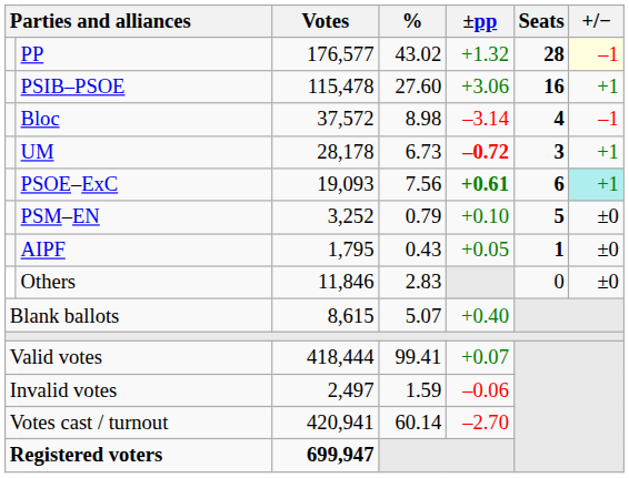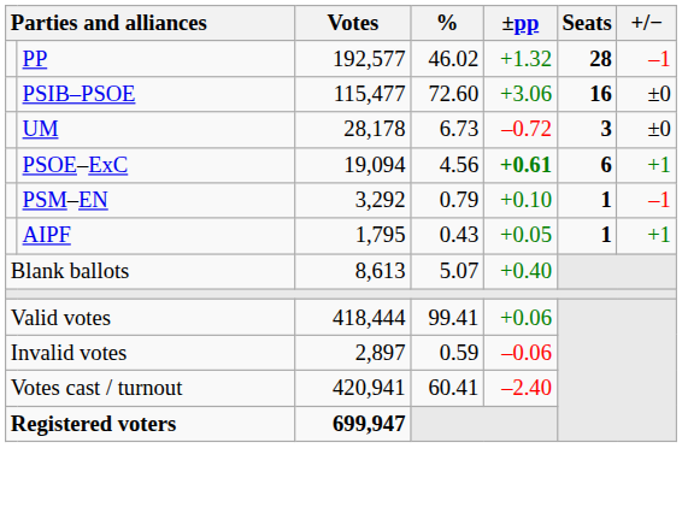 <table class="wikitable" style="text-align:right;">
 <tr>
 <th style="text-align:left;" colspan="2" width="200">Parties and alliances</th>
 <th width="75">Votes</th>
 <th width="45">%</th>
 <th width="45">±<a href='#'>pp</a></th>
 <th width="35">Seats</th>
 <th width="35">+/−</th>
 </tr>
 <tr>
 <td width="1" style="color:inherit;background:"></td>
 <td align="left"><a href='#'>PP</a></td>
-<td>176,577</td>
-<td>43.02</td>
+<td>192,577</td>
+<td>46.02</td>
 <td style="color:green;">+1.32</td>
 <td><strong>28</strong></td>
-<td style="background: lightyellow; color:red;">–1</td>
+<td style="color:red;">–1</td>
 </tr>
 <tr>
 <td style="color:inherit;background:"></td>
 <td align="left"><a href='#'>PSIB–PSOE</a></td>
-<td>115,478</td>
-<td>27.60</td>
+<td>115,477</td>
+<td>72.60</td>
 <td style="color:green;">+3.06</td>
 <td><strong>16</strong></td>
-<td style="color:green;">+1</td>
-</tr>
-<tr>
-<td style="color:inherit;background:"></td>
-<td align="left"><a href='#'>Bloc</a></td>
-<td>37,572</td>
-<td>8.98</td>
-<td style="color:red;">–3.14</td>
-<td><strong>4</strong></td>
-<td style="color:red;">–1</td>
+<td>±0</td>
 </tr>
 <tr>
 <td style="color:inherit;background:"></td>
 <td align="left"><a href='#'>UM</a></td>
 <td>28,178</td>
 <td>6.73</td>
-<td style="color:red;"><strong>–0.72</strong></td>
+<td style="color:red;">–0.72</td>
 <td><strong>3</strong></td>
+<td>±0</td>
+</tr>
+<tr>
+<td style="color:inherit;background:"></td>
+<td align="left"><a href='#'>PSOE</a>–<a href='#'>ExC</a></td>
+<td>19,094</td>
+<td>4.56</td>
+<td style="color:green;"><strong>+0.61</strong></td>
+<td><strong>6</strong></td>
 <td style="color:green;">+1</td>
 </tr>
 <tr>
 <td style="color:inherit;background:"></td>
-<td align="left"><a href='#'>PSOE</a>–<a href='#'>ExC</a></td>
-<td>19,093</td>
-<td>7.56</td>
-<td style="color:green;"><strong>+0.61</strong></td>
-<td><strong>6</strong></td>
-<td style="background: paleturquoise; color:green;">+1</td>
-</tr>
-<tr>
-<td style="color:inherit;background:"></td>
 <td align="left"><a href='#'>PSM</a>–<a href='#'>EN</a></td>
-<td>3,252</td>
+<td>3,292</td>
 <td>0.79</td>
 <td style="color:green;">+0.10</td>
-<td><strong>5</strong></td>
-<td>±0</td>
+<td><strong>1</strong></td>
+<td style="color:red;">–1</td>
 </tr>
 <tr>
 <td style="color:inherit;background:"></td>
 <td align="left"><a href='#'>AIPF</a></td>
 <td>1,795</td>
 <td>0.43</td>
 <td style="color:green;">+0.05</td>
 <td><strong>1</strong></td>
-<td>±0</td>
-</tr>
-<tr>
-<td bgcolor="white"></td>
-<td align="left">Others</td>
-<td>11,846</td>
-<td>2.83</td>
-<td bgcolor="#E9E9E9"></td>
-<td>0</td>
-<td>±0</td>
+<td style="color:green;">+1</td>
 </tr>
 <tr>
 <td align="left" colspan="2">Blank ballots</td>
-<td>8,615</td>
+<td>8,613</td>
 <td>5.07</td>
 <td style="color:green;">+0.40</td>
 <td bgcolor="#E9E9E9" colspan="2"></td>
 </tr>
 <tr>
 <td colspan="7" bgcolor="#E9E9E9"></td>
 </tr>
 <tr>
 <td align="left" colspan="2">Valid votes</td>
 <td>418,444</td>
 <td>99.41</td>
-<td style="color:green;">+0.07</td>
+<td style="color:green;">+0.06</td>
 <td bgcolor="#E9E9E9" colspan="2" rowspan="4"></td>
 </tr>
 <tr>
 <td align="left" colspan="2">Invalid votes</td>
-<td>2,497</td>
-<td>1.59</td>
+<td>2,897</td>
+<td>0.59</td>
 <td style="color:red;">–0.06</td>
 </tr>
 <tr>
 <td align="left" colspan="2">Votes cast / turnout</td>
 <td>420,941</td>
-<td>60.14</td>
-<td style="color:red;">–2.70</td>
+<td>60.41</td>
+<td style="color:red;">–2.40</td>
 </tr>
 <tr style="font-weight:bold;">
 <td align="left" colspan="2">Registered voters</td>
 <td>699,947</td>
 <td bgcolor="#E9E9E9" colspan="2"></td>
 </tr>
 </table>
